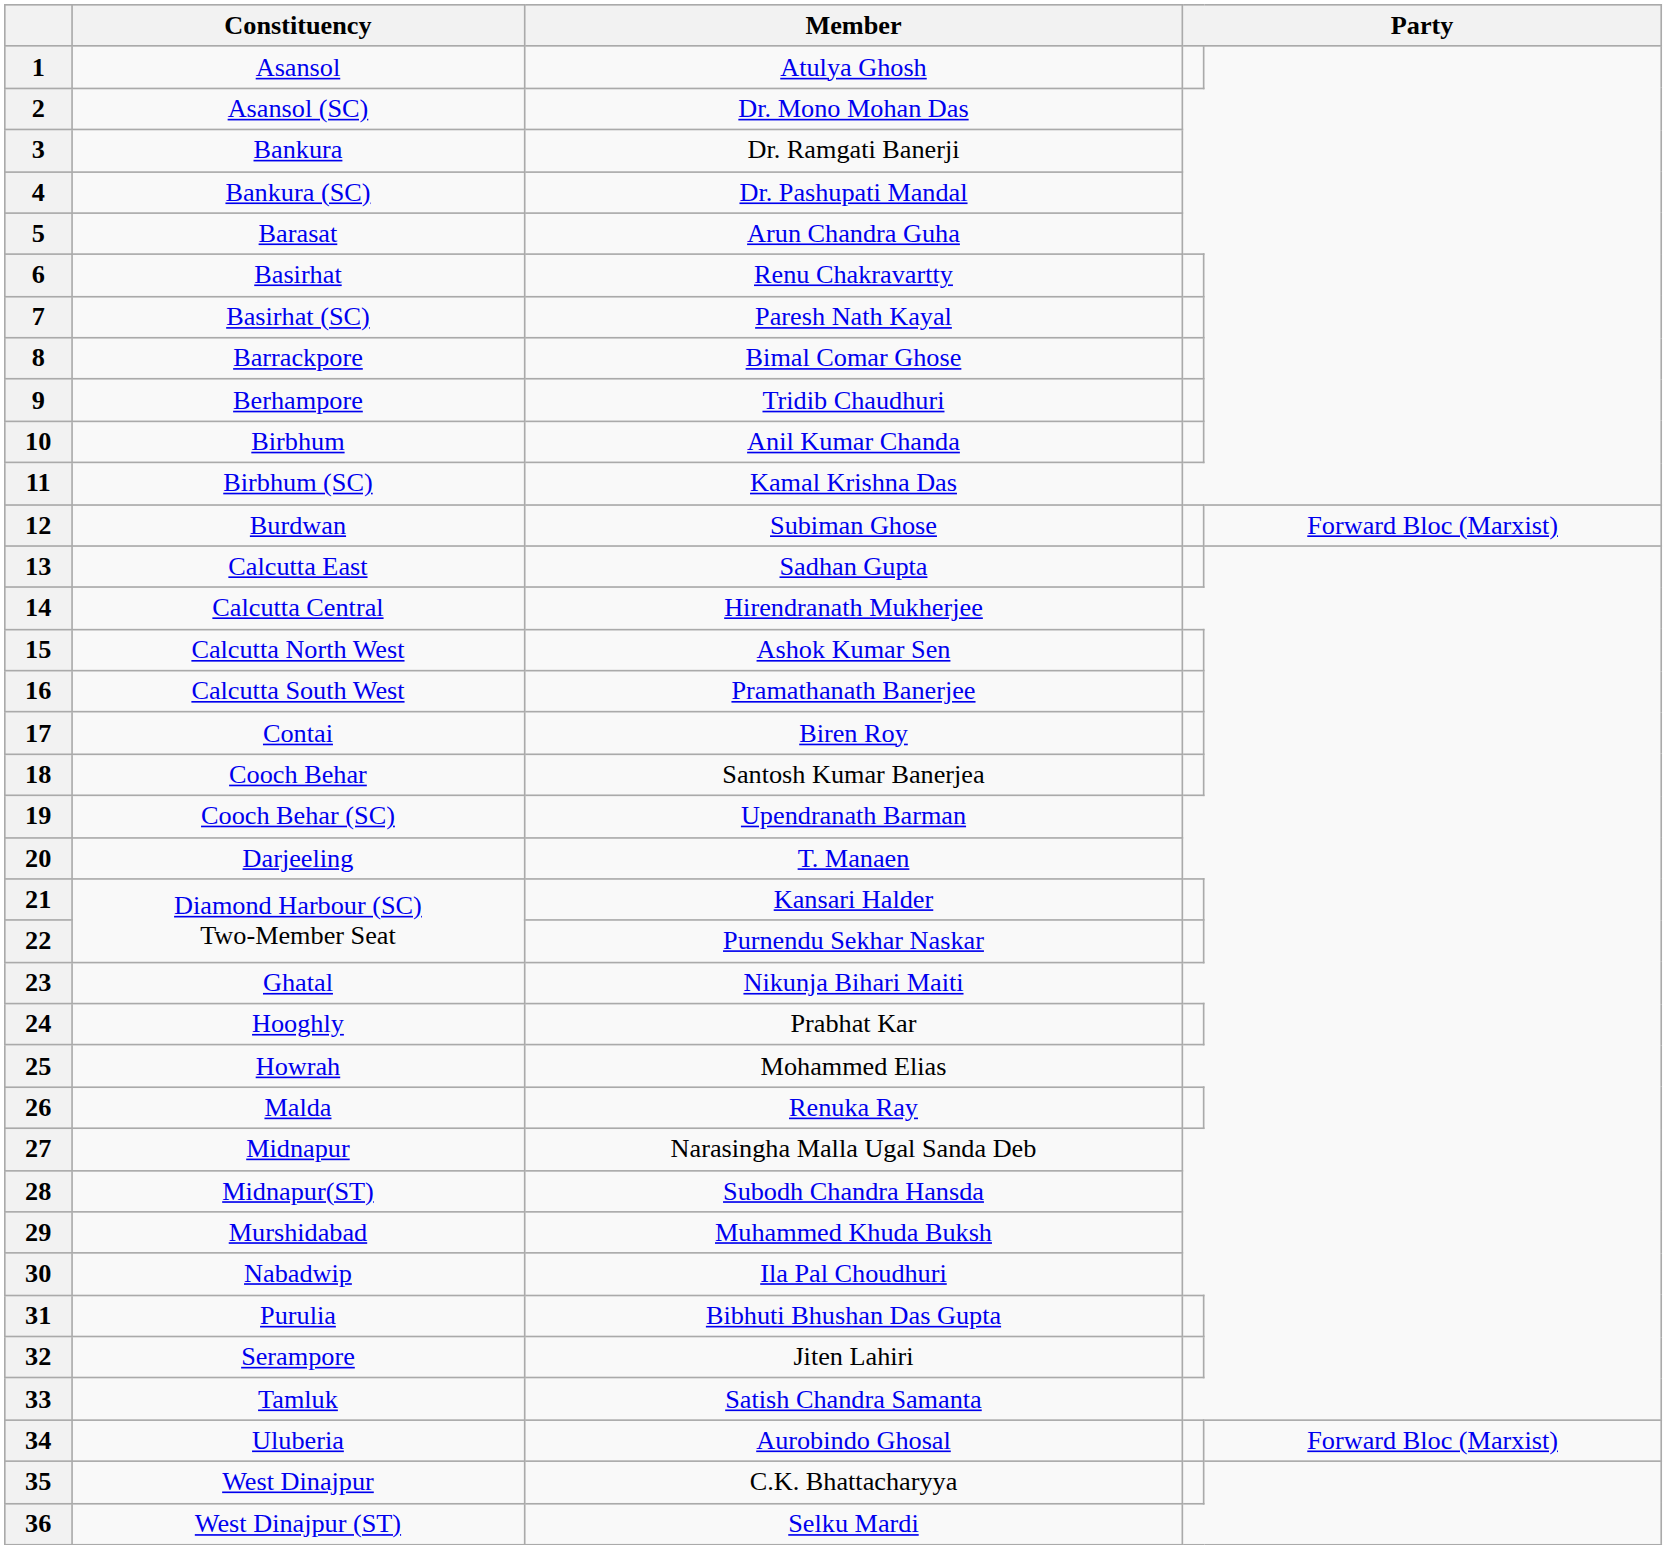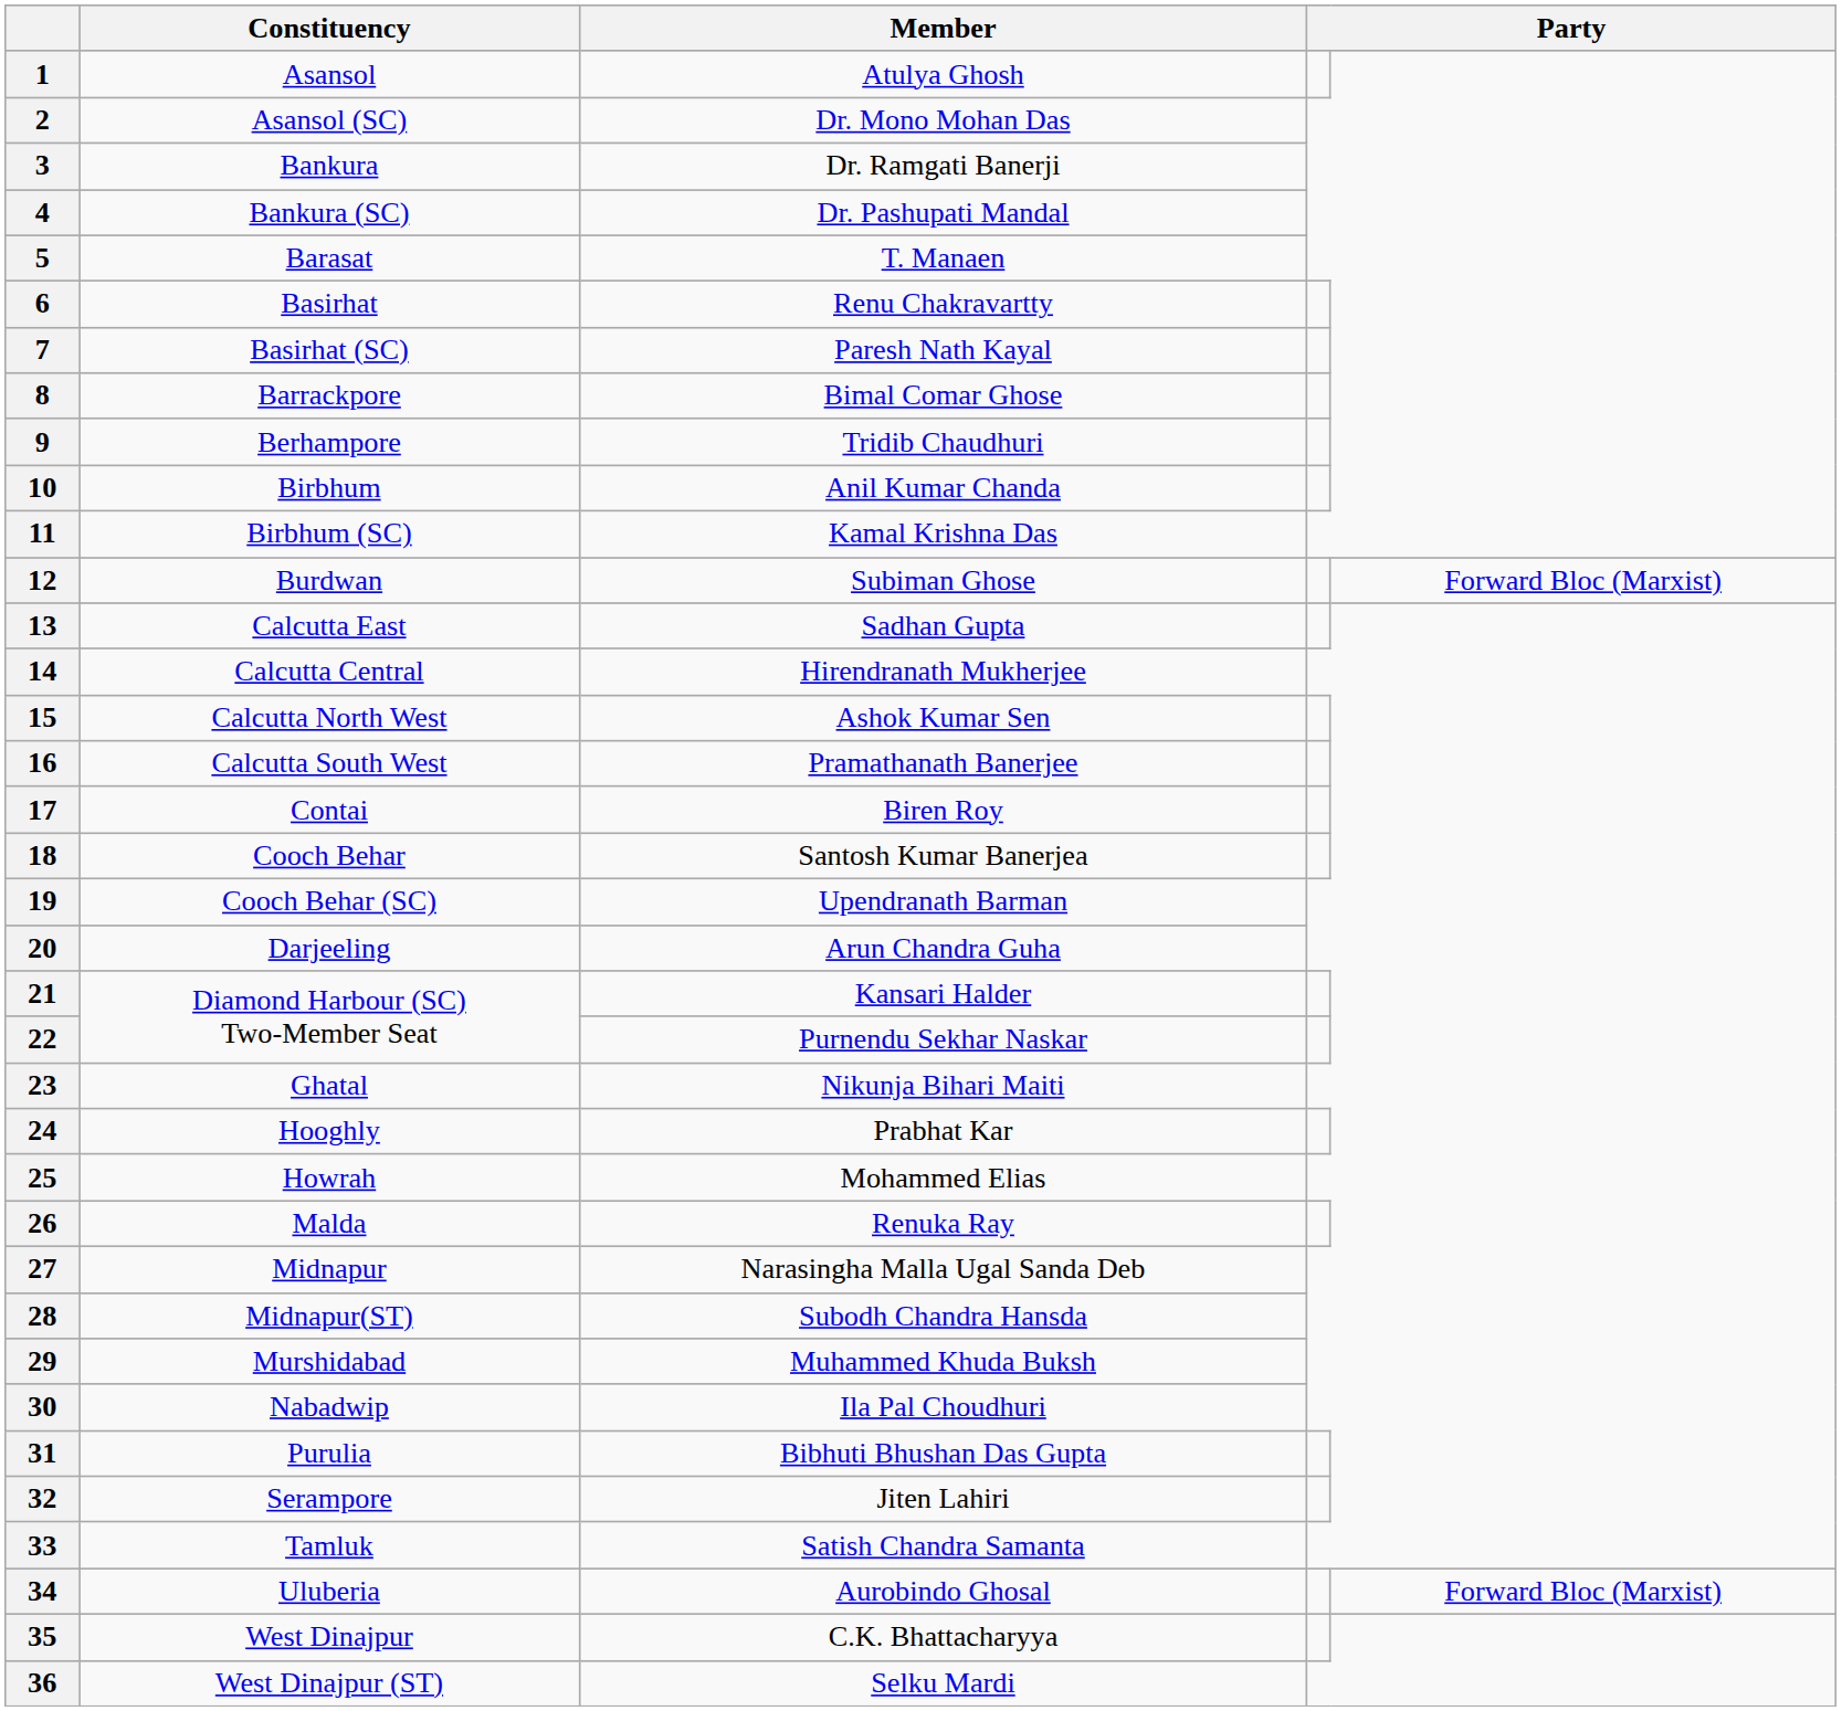 <table class="wikitable sortable" style="width:80%; text-align:center">
 <tr>
 <th></th>
 <th>Constituency</th>
 <th>Member</th>
 <th colspan="2" scope="col">Party</th>
 </tr>
 <tr>
 <th>1</th>
 <td><a href='#'>Asansol</a></td>
 <td><a href='#'>Atulya Ghosh</a></td>
 <td></td>
 </tr>
 <tr>
 <th>2</th>
 <td><a href='#'>Asansol (SC)</a></td>
 <td><a href='#'>Dr. Mono Mohan Das</a></td>
 </tr>
 <tr>
 <th>3</th>
 <td><a href='#'>Bankura</a></td>
 <td>Dr. Ramgati Banerji</td>
 </tr>
 <tr>
 <th>4</th>
 <td><a href='#'>Bankura (SC)</a></td>
 <td><a href='#'>Dr. Pashupati Mandal</a></td>
 </tr>
 <tr>
 <th>5</th>
 <td><a href='#'>Barasat</a></td>
-<td><a href='#'>Arun Chandra Guha</a></td>
+<td><a href='#'>T. Manaen</a></td>
 </tr>
 <tr>
 <th>6</th>
 <td><a href='#'>Basirhat</a></td>
 <td><a href='#'>Renu Chakravartty</a></td>
 <td></td>
 </tr>
 <tr>
 <th>7</th>
 <td><a href='#'>Basirhat (SC)</a></td>
 <td><a href='#'>Paresh Nath Kayal</a></td>
 <td></td>
 </tr>
 <tr>
 <th>8</th>
 <td><a href='#'>Barrackpore</a></td>
 <td><a href='#'>Bimal Comar Ghose</a></td>
 <td></td>
 </tr>
 <tr>
 <th>9</th>
 <td><a href='#'>Berhampore</a></td>
 <td><a href='#'>Tridib Chaudhuri</a></td>
 <td></td>
 </tr>
 <tr>
 <th>10</th>
 <td><a href='#'>Birbhum</a></td>
 <td><a href='#'>Anil Kumar Chanda</a></td>
 <td></td>
 </tr>
 <tr>
 <th>11</th>
 <td><a href='#'>Birbhum (SC)</a></td>
 <td><a href='#'>Kamal Krishna Das</a></td>
 </tr>
 <tr>
 <th>12</th>
 <td><a href='#'>Burdwan</a></td>
 <td><a href='#'>Subiman Ghose</a></td>
 <td style="background-color: "></td>
 <td><a href='#'>Forward Bloc (Marxist)</a></td>
 </tr>
 <tr>
 <th>13</th>
 <td><a href='#'>Calcutta East</a></td>
 <td><a href='#'>Sadhan Gupta</a></td>
 <td></td>
 </tr>
 <tr>
 <th>14</th>
 <td><a href='#'>Calcutta Central</a></td>
 <td><a href='#'>Hirendranath Mukherjee</a></td>
 </tr>
 <tr>
 <th>15</th>
 <td><a href='#'>Calcutta North West</a></td>
 <td><a href='#'>Ashok Kumar Sen</a></td>
 <td></td>
 </tr>
 <tr>
 <th>16</th>
 <td><a href='#'>Calcutta South West</a></td>
 <td><a href='#'>Pramathanath Banerjee</a></td>
 <td></td>
 </tr>
 <tr>
 <th>17</th>
 <td><a href='#'>Contai</a></td>
 <td><a href='#'>Biren Roy</a></td>
 <td></td>
 </tr>
 <tr>
 <th>18</th>
 <td><a href='#'>Cooch Behar</a></td>
 <td>Santosh Kumar Banerjea</td>
 <td></td>
 </tr>
 <tr>
 <th>19</th>
 <td><a href='#'>Cooch Behar (SC)</a></td>
 <td><a href='#'>Upendranath Barman</a></td>
 </tr>
 <tr>
 <th>20</th>
 <td><a href='#'>Darjeeling</a></td>
-<td><a href='#'>T. Manaen</a></td>
+<td><a href='#'>Arun Chandra Guha</a></td>
 </tr>
 <tr>
 <th>21</th>
 <td rowspan=2><a href='#'>Diamond Harbour (SC)</a> <br> Two-Member Seat</td>
 <td><a href='#'>Kansari Halder</a></td>
 <td></td>
 </tr>
 <tr>
 <th>22</th>
 <td><a href='#'>Purnendu Sekhar Naskar</a></td>
 <td></td>
 </tr>
 <tr>
 <th>23</th>
 <td><a href='#'>Ghatal</a></td>
 <td><a href='#'>Nikunja Bihari Maiti</a></td>
 </tr>
 <tr>
 <th>24</th>
 <td><a href='#'>Hooghly</a></td>
 <td>Prabhat Kar</td>
 <td></td>
 </tr>
 <tr>
 <th>25</th>
 <td><a href='#'>Howrah</a></td>
 <td>Mohammed Elias</td>
 </tr>
 <tr>
 <th>26</th>
 <td><a href='#'>Malda</a></td>
 <td><a href='#'>Renuka Ray</a></td>
 <td></td>
 </tr>
 <tr>
 <th>27</th>
 <td><a href='#'>Midnapur</a></td>
 <td>Narasingha Malla Ugal Sanda Deb</td>
 </tr>
 <tr>
 <th>28</th>
 <td><a href='#'>Midnapur(ST)</a></td>
 <td><a href='#'>Subodh Chandra Hansda</a></td>
 </tr>
 <tr>
 <th>29</th>
 <td><a href='#'>Murshidabad</a></td>
 <td><a href='#'>Muhammed Khuda Buksh</a></td>
 </tr>
 <tr>
 <th>30</th>
 <td><a href='#'>Nabadwip</a></td>
 <td><a href='#'>Ila Pal Choudhuri</a></td>
 </tr>
 <tr>
 <th>31</th>
 <td><a href='#'>Purulia</a></td>
 <td><a href='#'>Bibhuti Bhushan Das Gupta</a></td>
 <td></td>
 </tr>
 <tr>
 <th>32</th>
 <td><a href='#'>Serampore</a></td>
 <td>Jiten Lahiri</td>
 <td></td>
 </tr>
 <tr>
 <th>33</th>
 <td><a href='#'>Tamluk</a></td>
 <td><a href='#'>Satish Chandra Samanta</a></td>
 </tr>
 <tr>
 <th>34</th>
 <td><a href='#'>Uluberia</a></td>
 <td><a href='#'>Aurobindo Ghosal</a></td>
 <td style="background-color: "></td>
 <td><a href='#'>Forward Bloc (Marxist)</a></td>
 </tr>
 <tr>
 <th>35</th>
 <td><a href='#'>West Dinajpur</a></td>
 <td>C.K. Bhattacharyya</td>
 <td></td>
 </tr>
 <tr>
 <th>36</th>
 <td><a href='#'>West Dinajpur (ST)</a></td>
 <td><a href='#'>Selku Mardi</a></td>
 </tr>
 <tr>
 </tr>
 </table>
